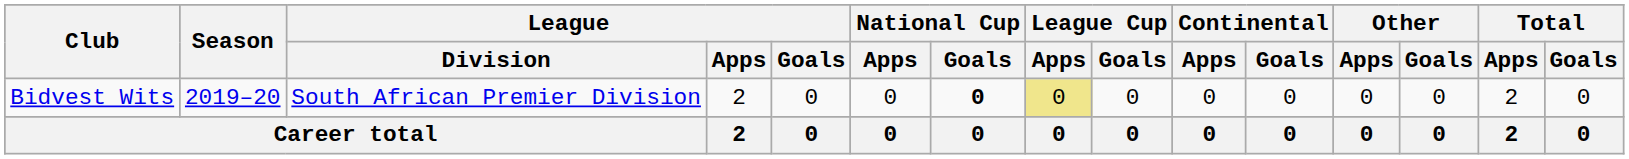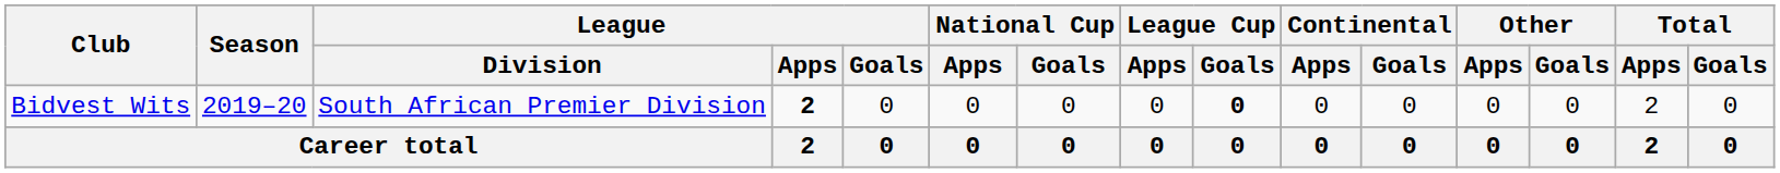 <table class="wikitable" style="text-align: center">
 <tr>
 <th rowspan="2">Club</th>
 <th rowspan="2">Season</th>
 <th colspan="3">League</th>
 <th colspan="2">National Cup</th>
 <th colspan="2">League Cup</th>
 <th colspan="2">Continental</th>
 <th colspan="2">Other</th>
 <th colspan="2">Total</th>
 </tr>
 <tr>
 <th>Division</th>
 <th>Apps</th>
 <th>Goals</th>
 <th>Apps</th>
 <th>Goals</th>
 <th>Apps</th>
 <th>Goals</th>
 <th>Apps</th>
 <th>Goals</th>
 <th>Apps</th>
 <th>Goals</th>
 <th>Apps</th>
 <th>Goals</th>
 </tr>
 <tr>
 <td><a href='#'>Bidvest Wits</a></td>
 <td><a href='#'>2019–20</a></td>
 <td><a href='#'>South African Premier Division</a></td>
-<td>2</td>
+<td><strong>2</strong></td>
+<td>0</td>
+<td>0</td>
 <td>0</td>
 <td>0</td>
 <td><strong>0</strong></td>
-<td style="background: khaki;">0</td>
-<td>0</td>
 <td>0</td>
 <td>0</td>
 <td>0</td>
 <td>0</td>
 <td>2</td>
 <td>0</td>
 </tr>
 <tr>
 <th colspan=3>Career total</th>
 <th>2</th>
 <th>0</th>
 <th>0</th>
 <th>0</th>
 <th>0</th>
 <th>0</th>
 <th>0</th>
 <th>0</th>
 <th>0</th>
 <th>0</th>
 <th>2</th>
 <th>0</th>
 </tr>
 </table>
